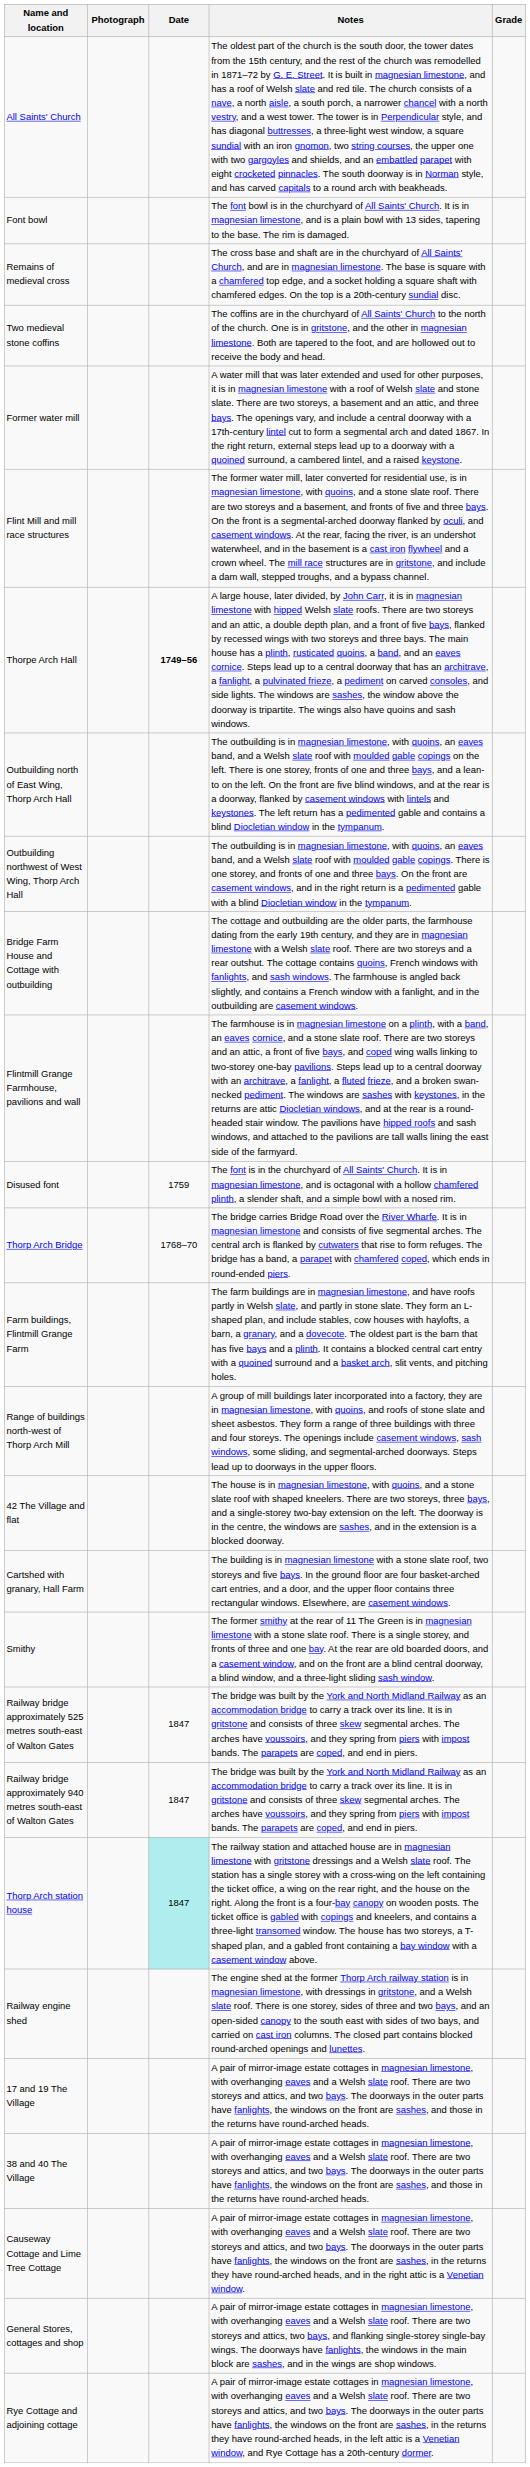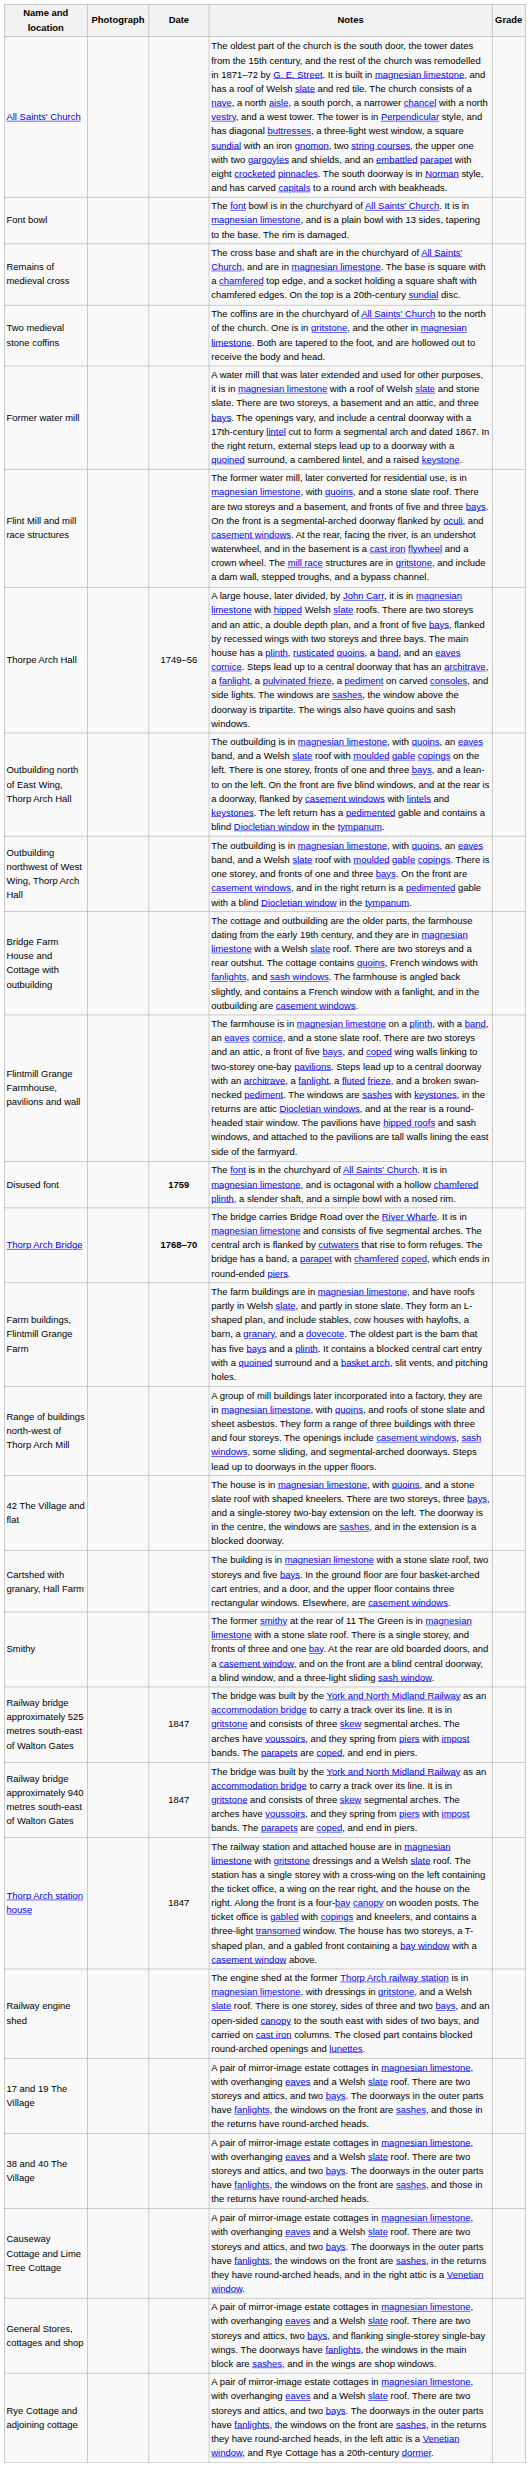 <table class="wikitable sortable plainrowheaders" style="width:100%; border:0; text-align:left; line-height:150%;">
 <tr>
 <th scope="col"  style="width:150px">Name and location</th>
 <th scope="col"  style="width:100px" class="unsortable">Photograph</th>
 <th scope="col"  style="width:120px">Date</th>
 <th scope="col"  style="width:650px" class="unsortable">Notes</th>
 <th scope="col"  style="width:50px">Grade</th>
 </tr>
 <tr>
 <td><a href='#'>All Saints' Church</a><br><small></small></td>
 <td></td>
 <td align="center"></td>
 <td>The oldest part of the church is the south door, the tower dates from the 15th century, and the rest of the church was remodelled in 1871–72 by <a href='#'>G. E. Street</a>.  It is built in <a href='#'>magnesian limestone</a>, and has a roof of Welsh <a href='#'>slate</a> and red tile.  The church consists of a <a href='#'>nave</a>, a north <a href='#'>aisle</a>, a south porch, a narrower <a href='#'>chancel</a> with a north <a href='#'>vestry</a>, and a west tower.  The tower is in <a href='#'>Perpendicular</a> style, and has diagonal <a href='#'>buttresses</a>, a three-light west window, a square <a href='#'>sundial</a> with an iron <a href='#'>gnomon</a>, two <a href='#'>string courses</a>, the upper one with two <a href='#'>gargoyles</a> and shields, and an <a href='#'>embattled</a> <a href='#'>parapet</a> with eight <a href='#'>crocketed</a> <a href='#'>pinnacles</a>.  The south doorway is in <a href='#'>Norman</a> style, and has carved <a href='#'>capitals</a> to a round arch with beakheads.</td>
 <td align="center" ></td>
 </tr>
 <tr>
 <td>Font bowl<br><small></small></td>
 <td></td>
 <td align="center"></td>
 <td>The <a href='#'>font</a> bowl is in the churchyard of <a href='#'>All Saints' Church</a>.  It is in <a href='#'>magnesian limestone</a>, and is a plain bowl with 13 sides, tapering to the base.  The rim is damaged.</td>
 <td align="center" ></td>
 </tr>
 <tr>
 <td>Remains of medieval cross<br><small></small></td>
 <td></td>
 <td align="center"></td>
 <td>The cross base and shaft are in the churchyard of <a href='#'>All Saints' Church</a>, and are in <a href='#'>magnesian limestone</a>.  The base is square with a <a href='#'>chamfered</a> top edge, and a socket holding a square shaft with chamfered edges.  On the top is a 20th-century <a href='#'>sundial</a> disc.</td>
 <td align="center" ></td>
 </tr>
 <tr>
 <td>Two medieval stone coffins<br><small></small></td>
 <td></td>
 <td align="center"></td>
 <td>The coffins are in the churchyard of <a href='#'>All Saints' Church</a> to the north of the church.  One is in <a href='#'>gritstone</a>, and the other in <a href='#'>magnesian limestone</a>.  Both are tapered to the foot, and are hollowed out to receive the body and head.</td>
 <td align="center" ></td>
 </tr>
 <tr>
 <td>Former water mill<br><small></small></td>
 <td></td>
 <td align="center"></td>
 <td>A water mill that was later extended and used for other purposes, it is in <a href='#'>magnesian limestone</a> with a roof of Welsh <a href='#'>slate</a> and stone slate.  There are two storeys, a basement and an attic, and three <a href='#'>bays</a>.  The openings vary, and include a central doorway with a 17th-century <a href='#'>lintel</a> cut to form a segmental arch and dated 1867.  In the right return, external steps lead up to a doorway with a <a href='#'>quoined</a> surround, a cambered lintel, and a raised <a href='#'>keystone</a>.</td>
 <td align="center" ></td>
 </tr>
 <tr>
 <td>Flint Mill and mill race structures<br><small></small></td>
 <td></td>
 <td align="center"></td>
 <td>The former water mill, later converted for residential use, is in <a href='#'>magnesian limestone</a>, with <a href='#'>quoins</a>, and a stone slate roof.  There are two storeys and a basement, and fronts of five and three <a href='#'>bays</a>.  On the front is a segmental-arched doorway flanked by <a href='#'>oculi</a>, and <a href='#'>casement windows</a>.  At the rear, facing the river, is an undershot waterwheel, and in the basement is a <a href='#'>cast iron</a> <a href='#'>flywheel</a> and a crown wheel.  The <a href='#'>mill race</a> structures are in <a href='#'>gritstone</a>, and include a dam wall, stepped troughs, and a bypass channel.</td>
 <td align="center" ></td>
 </tr>
 <tr>
 <td>Thorpe Arch Hall<br><small></small></td>
 <td></td>
-<td align="center"><strong>1749–56</strong></td>
+<td align="center">1749–56</td>
 <td>A large house, later divided, by <a href='#'>John Carr</a>, it is in <a href='#'>magnesian limestone</a> with <a href='#'>hipped</a> Welsh <a href='#'>slate</a> roofs.  There are two storeys and an attic, a double depth plan, and a front of five <a href='#'>bays</a>, flanked by recessed wings with two storeys and three bays.  The main house has a <a href='#'>plinth</a>, <a href='#'>rusticated</a> <a href='#'>quoins</a>, a <a href='#'>band</a>, and an <a href='#'>eaves</a> <a href='#'>cornice</a>.  Steps lead up to a central doorway that has an <a href='#'>architrave</a>, a <a href='#'>fanlight</a>, a <a href='#'>pulvinated frieze</a>, a <a href='#'>pediment</a> on carved <a href='#'>consoles</a>, and side lights.  The windows are <a href='#'>sashes</a>, the window above the doorway is tripartite.  The wings also have quoins and sash windows.</td>
 <td align="center" ></td>
 </tr>
 <tr>
 <td>Outbuilding north of East Wing, Thorp Arch Hall<br><small></small></td>
 <td></td>
 <td align="center"></td>
 <td>The outbuilding is in <a href='#'>magnesian limestone</a>, with <a href='#'>quoins</a>, an <a href='#'>eaves</a> band, and a Welsh <a href='#'>slate</a> roof with <a href='#'>moulded</a> <a href='#'>gable</a> <a href='#'>copings</a> on the left.  There is one storey, fronts of one and three <a href='#'>bays</a>, and a lean-to on the left.  On the front are five blind windows, and at the rear is a doorway, flanked by <a href='#'>casement windows</a> with <a href='#'>lintels</a> and <a href='#'>keystones</a>.  The left return has a <a href='#'>pedimented</a> gable and contains a blind <a href='#'>Diocletian window</a> in the <a href='#'>tympanum</a>.</td>
 <td align="center" ></td>
 </tr>
 <tr>
 <td>Outbuilding northwest of West Wing, Thorp Arch Hall<br><small></small></td>
 <td></td>
 <td align="center"></td>
 <td>The outbuilding is in <a href='#'>magnesian limestone</a>, with <a href='#'>quoins</a>, an <a href='#'>eaves</a> band, and a Welsh <a href='#'>slate</a> roof with <a href='#'>moulded</a> <a href='#'>gable</a> <a href='#'>copings</a>.   There is one storey, and fronts of one and three <a href='#'>bays</a>.  On the front are <a href='#'>casement windows</a>, and in the right return is a <a href='#'>pedimented</a> gable with a blind <a href='#'>Diocletian window</a> in the <a href='#'>tympanum</a>.</td>
 <td align="center" ></td>
 </tr>
 <tr>
 <td>Bridge Farm House and Cottage with outbuilding<br><small></small></td>
 <td></td>
 <td align="center"></td>
 <td>The cottage and outbuilding are the older parts, the farmhouse dating from the early 19th century, and they are in <a href='#'>magnesian limestone</a> with a Welsh <a href='#'>slate</a> roof.  There are two storeys and a rear outshut.  The cottage contains <a href='#'>quoins</a>, French windows with <a href='#'>fanlights</a>, and <a href='#'>sash windows</a>.  The farmhouse is angled back slightly, and contains a French window with a fanlight, and in the outbuilding are <a href='#'>casement windows</a>.</td>
 <td align="center" ></td>
 </tr>
 <tr>
 <td>Flintmill Grange Farmhouse, pavilions and wall<br><small></small></td>
 <td></td>
 <td align="center"></td>
 <td>The farmhouse is in <a href='#'>magnesian limestone</a> on a <a href='#'>plinth</a>, with a <a href='#'>band</a>, an <a href='#'>eaves</a> <a href='#'>cornice</a>, and a stone slate roof.  There are two storeys and an attic, a front of five <a href='#'>bays</a>, and <a href='#'>coped</a> wing walls linking to two-storey one-bay <a href='#'>pavilions</a>.  Steps lead up to a central doorway with an <a href='#'>architrave</a>, a <a href='#'>fanlight</a>, a <a href='#'>fluted</a> <a href='#'>frieze</a>, and a broken swan-necked <a href='#'>pediment</a>.  The windows are <a href='#'>sashes</a> with <a href='#'>keystones</a>, in the returns are attic <a href='#'>Diocletian windows</a>, and at the rear is a round-headed stair window.  The pavilions have <a href='#'>hipped roofs</a> and sash windows, and attached to the pavilions are tall walls lining the east side of the farmyard.</td>
 <td align="center" ></td>
 </tr>
 <tr>
 <td>Disused font<br><small></small></td>
 <td></td>
-<td align="center">1759</td>
+<td align="center"><strong>1759</strong></td>
 <td>The <a href='#'>font</a> is in the churchyard of <a href='#'>All Saints' Church</a>.  It is in <a href='#'>magnesian limestone</a>, and is octagonal with a hollow <a href='#'>chamfered</a> <a href='#'>plinth</a>, a slender shaft, and a simple bowl with a nosed rim.</td>
 <td align="center" ></td>
 </tr>
 <tr>
 <td><a href='#'>Thorp Arch Bridge</a><br><small></small></td>
 <td></td>
-<td align="center">1768–70</td>
+<td align="center"><strong>1768–70</strong></td>
 <td>The bridge carries Bridge Road over the <a href='#'>River Wharfe</a>.  It is in <a href='#'>magnesian limestone</a> and consists of five segmental arches.  The central arch is flanked by <a href='#'>cutwaters</a> that rise to form refuges.  The bridge has a band, a <a href='#'>parapet</a> with <a href='#'>chamfered</a> <a href='#'>coped</a>, which ends in round-ended <a href='#'>piers</a>.</td>
 <td align="center" ></td>
 </tr>
 <tr>
 <td>Farm buildings, Flintmill Grange Farm<br><small></small></td>
 <td></td>
 <td align="center"></td>
 <td>The farm buildings are in <a href='#'>magnesian limestone</a>, and have roofs partly in Welsh <a href='#'>slate</a>, and partly in stone slate.  They form an L-shaped plan, and include stables, cow houses with haylofts, a barn, a <a href='#'>granary</a>, and a <a href='#'>dovecote</a>.  The oldest part is the barn that has five <a href='#'>bays</a> and a <a href='#'>plinth</a>.  It contains a blocked central cart entry with a <a href='#'>quoined</a> surround and a <a href='#'>basket arch</a>, slit vents, and pitching holes.</td>
 <td align="center" ></td>
 </tr>
 <tr>
 <td>Range of buildings north-west of Thorp Arch Mill<br><small></small></td>
 <td></td>
 <td align="center"></td>
 <td>A group of mill buildings later incorporated into a factory, they are in <a href='#'>magnesian limestone</a>, with <a href='#'>quoins</a>, and roofs of stone slate and sheet asbestos.  They form a range of three buildings with three and four storeys.  The openings include <a href='#'>casement windows</a>, <a href='#'>sash windows</a>, some sliding, and segmental-arched doorways.  Steps lead up to doorways in the upper floors.</td>
 <td align="center" ></td>
 </tr>
 <tr>
 <td>42 The Village and flat<br><small></small></td>
 <td></td>
 <td align="center"></td>
 <td>The house is in <a href='#'>magnesian limestone</a>, with <a href='#'>quoins</a>, and a stone slate roof with shaped kneelers.  There are two storeys, three <a href='#'>bays</a>, and a single-storey two-bay extension on the left.  The doorway is in the centre, the windows are <a href='#'>sashes</a>, and in the extension is a blocked doorway.</td>
 <td align="center" ></td>
 </tr>
 <tr>
 <td>Cartshed with granary, Hall Farm<br><small></small></td>
 <td></td>
 <td align="center"></td>
 <td>The building is in <a href='#'>magnesian limestone</a> with a stone slate roof, two storeys and five <a href='#'>bays</a>.  In the ground floor are four basket-arched cart entries, and a door, and the upper floor contains three rectangular windows.  Elsewhere, are <a href='#'>casement windows</a>.</td>
 <td align="center" ></td>
 </tr>
 <tr>
 <td>Smithy<br><small></small></td>
 <td></td>
 <td align="center"></td>
 <td>The former <a href='#'>smithy</a> at the rear of 11 The Green is in <a href='#'>magnesian limestone</a> with a stone slate roof.  There is a single storey, and fronts of three and one <a href='#'>bay</a>.  At the rear are old boarded doors, and a <a href='#'>casement window</a>, and on the front are a blind central doorway, a blind window, and a three-light sliding <a href='#'>sash window</a>.</td>
 <td align="center" ></td>
 </tr>
 <tr>
 <td>Railway bridge approximately 525 metres south-east of Walton Gates<br><small></small></td>
 <td></td>
 <td align="center">1847</td>
 <td>The bridge was built by the <a href='#'>York and North Midland Railway</a> as an <a href='#'>accommodation bridge</a> to carry a track over its line.  It is in <a href='#'>gritstone</a> and consists of three <a href='#'>skew</a> segmental arches.  The arches have <a href='#'>voussoirs</a>, and they spring from <a href='#'>piers</a> with <a href='#'>impost</a> bands.  The <a href='#'>parapets</a> are <a href='#'>coped</a>, and end in piers.</td>
 <td align="center" ></td>
 </tr>
 <tr>
 <td>Railway bridge approximately 940 metres south-east of Walton Gates<br><small></small></td>
 <td></td>
 <td align="center">1847</td>
 <td>The bridge was built by the <a href='#'>York and North Midland Railway</a> as an <a href='#'>accommodation bridge</a> to carry a track over its line.  It is in <a href='#'>gritstone</a> and consists of three <a href='#'>skew</a> segmental arches.  The arches have <a href='#'>voussoirs</a>, and they spring from <a href='#'>piers</a> with <a href='#'>impost</a> bands.  The <a href='#'>parapets</a> are <a href='#'>coped</a>, and end in piers.</td>
 <td align="center" ></td>
 </tr>
 <tr>
 <td><a href='#'>Thorp Arch station house</a><br><small></small></td>
 <td></td>
-<td align="center" style="background: paleturquoise;">1847</td>
+<td align="center">1847</td>
 <td>The railway station and attached house are in <a href='#'>magnesian limestone</a> with <a href='#'>gritstone</a> dressings and a Welsh <a href='#'>slate</a> roof.  The station has a single storey with a cross-wing on the left containing the ticket office, a wing on the rear right, and the house on the right.  Along the front is a four-<a href='#'>bay</a> <a href='#'>canopy</a> on wooden posts.  The ticket office is <a href='#'>gabled</a> with <a href='#'>copings</a> and kneelers, and contains a three-light <a href='#'>transomed</a> window.  The house has two storeys, a T-shaped plan, and a gabled front containing a <a href='#'>bay window</a> with a <a href='#'>casement window</a> above.</td>
 <td align="center" ></td>
 </tr>
 <tr>
 <td>Railway engine shed<br><small></small></td>
 <td></td>
 <td align="center"></td>
 <td>The engine shed at the former <a href='#'>Thorp Arch railway station</a> is in <a href='#'>magnesian limestone</a>, with dressings in <a href='#'>gritstone</a>, and a Welsh <a href='#'>slate</a> roof.  There is one storey, sides of three and two <a href='#'>bays</a>, and an open-sided <a href='#'>canopy</a> to the south east with sides of two bays, and carried on <a href='#'>cast iron</a> columns.  The closed part contains blocked round-arched openings and <a href='#'>lunettes</a>.</td>
 <td align="center" ></td>
 </tr>
 <tr>
 <td>17 and 19 The Village<br><small></small></td>
 <td></td>
 <td align="center"></td>
 <td>A pair of mirror-image estate cottages in <a href='#'>magnesian limestone</a>, with overhanging <a href='#'>eaves</a> and a Welsh <a href='#'>slate</a> roof.  There are two storeys and attics, and two <a href='#'>bays</a>.  The doorways in the outer parts have <a href='#'>fanlights</a>, the windows on the front are <a href='#'>sashes</a>, and those in the returns have round-arched heads.</td>
 <td align="center" ></td>
 </tr>
 <tr>
 <td>38 and 40 The Village<br><small></small></td>
 <td></td>
 <td align="center"></td>
 <td>A pair of mirror-image estate cottages in <a href='#'>magnesian limestone</a>, with overhanging <a href='#'>eaves</a> and a Welsh <a href='#'>slate</a> roof.  There are two storeys and attics, and two <a href='#'>bays</a>.  The doorways in the outer parts have <a href='#'>fanlights</a>, the windows on the front are <a href='#'>sashes</a>, and those in the returns have round-arched heads.</td>
 <td align="center" ></td>
 </tr>
 <tr>
 <td>Causeway Cottage and Lime Tree Cottage<br><small></small></td>
 <td></td>
 <td align="center"></td>
 <td>A pair of mirror-image estate cottages in <a href='#'>magnesian limestone</a>, with overhanging <a href='#'>eaves</a> and a Welsh <a href='#'>slate</a> roof.  There are two storeys and attics, and two <a href='#'>bays</a>.  The doorways in the outer parts have <a href='#'>fanlights</a>, the windows on the front are <a href='#'>sashes</a>, in the returns they have round-arched heads, and in the right attic is a <a href='#'>Venetian window</a>.</td>
 <td align="center" ></td>
 </tr>
 <tr>
 <td>General Stores, cottages and shop<br><small></small></td>
 <td></td>
 <td align="center"></td>
 <td>A pair of mirror-image estate cottages in <a href='#'>magnesian limestone</a>, with overhanging <a href='#'>eaves</a> and a Welsh <a href='#'>slate</a> roof.  There are two storeys and attics, two <a href='#'>bays</a>, and flanking single-storey single-bay wings.  The doorways have <a href='#'>fanlights</a>, the windows in the main block are <a href='#'>sashes</a>, and in the wings are shop windows.</td>
 <td align="center" ></td>
 </tr>
 <tr>
 <td>Rye Cottage and adjoining cottage<br><small></small></td>
 <td></td>
 <td align="center"></td>
 <td>A pair of mirror-image estate cottages in <a href='#'>magnesian limestone</a>, with overhanging <a href='#'>eaves</a> and a Welsh <a href='#'>slate</a> roof.  There are two storeys and attics, and two <a href='#'>bays</a>.  The doorways in the outer parts have <a href='#'>fanlights</a>, the windows on the front are <a href='#'>sashes</a>, in the returns they have round-arched heads, in the left attic is a <a href='#'>Venetian window</a>, and Rye Cottage has a 20th-century <a href='#'>dormer</a>.</td>
 <td align="center" ></td>
 </tr>
 <tr>
 </tr>
 </table>
